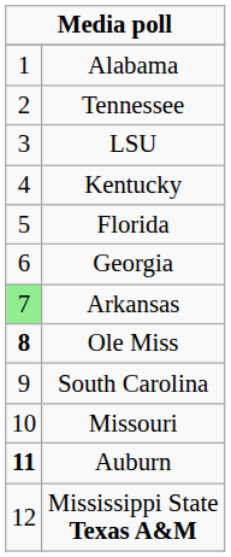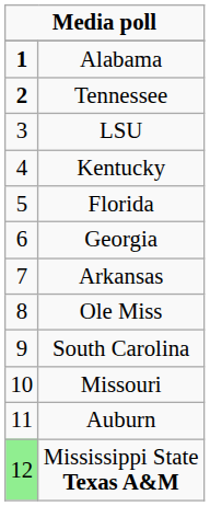 <table class="wikitable">
 <tr align="center">
 <td align="center" Colspan="3"><strong>Media poll</strong></td>
 </tr>
 <tr align="center">
 </tr>
 <tr align="center">
-<td>1</td>
+<td><strong>1</strong></td>
 <td>Alabama</td>
 </tr>
 <tr align="center">
-<td>2</td>
+<td><strong>2</strong></td>
 <td>Tennessee</td>
 </tr>
 <tr align="center">
 <td>3</td>
 <td>LSU</td>
 </tr>
 <tr align="center">
 <td>4</td>
 <td>Kentucky</td>
 </tr>
 <tr align="center">
 <td>5</td>
 <td>Florida</td>
 </tr>
 <tr align="center">
 <td>6</td>
 <td>Georgia</td>
 </tr>
 <tr align="center">
-<td style="background: lightgreen;">7</td>
+<td>7</td>
 <td>Arkansas</td>
 </tr>
 <tr align="center">
-<td><strong>8</strong></td>
+<td>8</td>
 <td>Ole Miss</td>
 </tr>
 <tr align="center">
 <td>9</td>
 <td>South Carolina</td>
 </tr>
 <tr align="center">
 <td>10</td>
 <td>Missouri</td>
 </tr>
 <tr align="center">
-<td><strong>11</strong></td>
+<td>11</td>
 <td>Auburn</td>
 </tr>
 <tr align="center">
-<td>12</td>
+<td style="background: lightgreen;">12</td>
 <td>Mississippi State<br><strong>Texas A&M</strong></td>
 </tr>
 </table>
